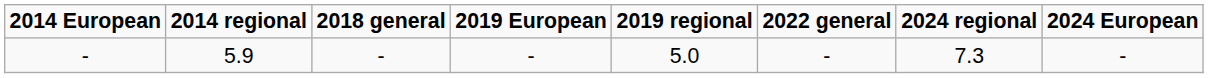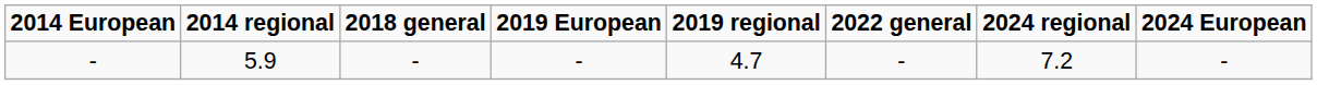 <table class="wikitable" style="text-align:center">
 <tr>
 <td><strong>2014 European</strong></td>
 <td><strong>2014 regional</strong></td>
 <td><strong>2018 general</strong></td>
 <td><strong>2019 European</strong></td>
 <td><strong>2019 regional</strong></td>
 <td><strong>2022 general</strong></td>
 <td><strong>2024 regional</strong></td>
 <td><strong>2024 European</strong></td>
 </tr>
 <tr>
 <td>-</td>
 <td>5.9</td>
 <td>-</td>
 <td>-</td>
-<td>5.0</td>
+<td>4.7</td>
 <td>-</td>
-<td>7.3</td>
+<td>7.2</td>
 <td>-</td>
 </tr>
 </table>
